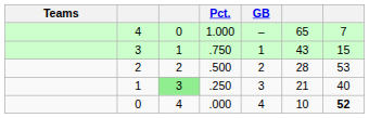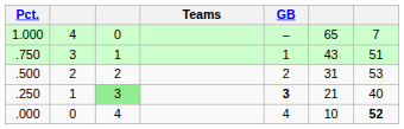 <table class="wikitable" style="text-align:center;">
 <tr>
-<th width=150px>Teams</th>
+<th width=50px><a href='#'>Pct.</a></th>
 <th width=50px></th>
 <th width=50px></th>
-<th width=50px><a href='#'>Pct.</a></th>
+<th width=150px>Teams</th>
 <th width=50px><a href='#'>GB</a></th>
 <th width=50px></th>
 <th width=50px></th>
 </tr>
 <tr style="background-color:#cfc">
-<td align=left></td>
+<td>1.000</td>
 <td>4</td>
 <td>0</td>
-<td>1.000</td>
+<td align=left></td>
 <td>–</td>
 <td>65</td>
 <td>7</td>
 </tr>
 <tr style="background-color:#cfc">
-<td align=left></td>
+<td>.750</td>
 <td>3</td>
 <td>1</td>
-<td>.750</td>
+<td align=left></td>
 <td>1</td>
 <td>43</td>
-<td>15</td>
+<td>51</td>
 </tr>
 <tr>
+<td>.500</td>
+<td>2</td>
+<td>2</td>
 <td align=left></td>
 <td>2</td>
-<td>2</td>
-<td>.500</td>
-<td>2</td>
-<td>28</td>
+<td>31</td>
 <td>53</td>
 </tr>
 <tr>
-<td align=left></td>
+<td>.250</td>
 <td>1</td>
 <td style="background: lightgreen;">3</td>
-<td>.250</td>
-<td>3</td>
+<td align=left></td>
+<td><strong>3</strong></td>
 <td>21</td>
 <td>40</td>
 </tr>
 <tr>
-<td align=left></td>
+<td>.000</td>
 <td>0</td>
 <td>4</td>
-<td>.000</td>
+<td align=left></td>
 <td>4</td>
 <td>10</td>
 <td><strong>52</strong></td>
 </tr>
 </table>
